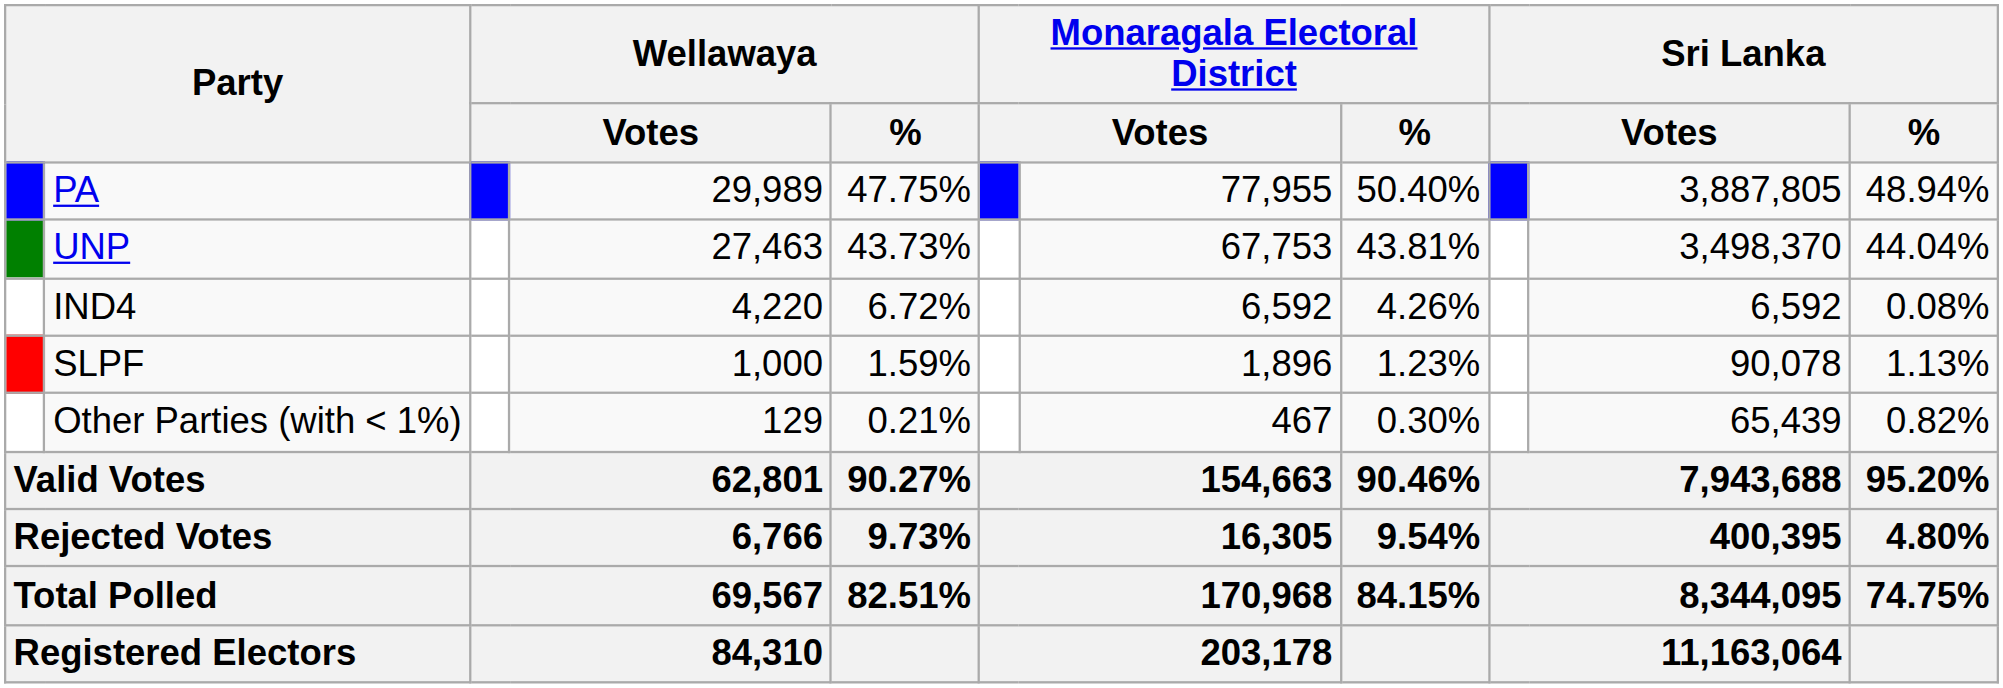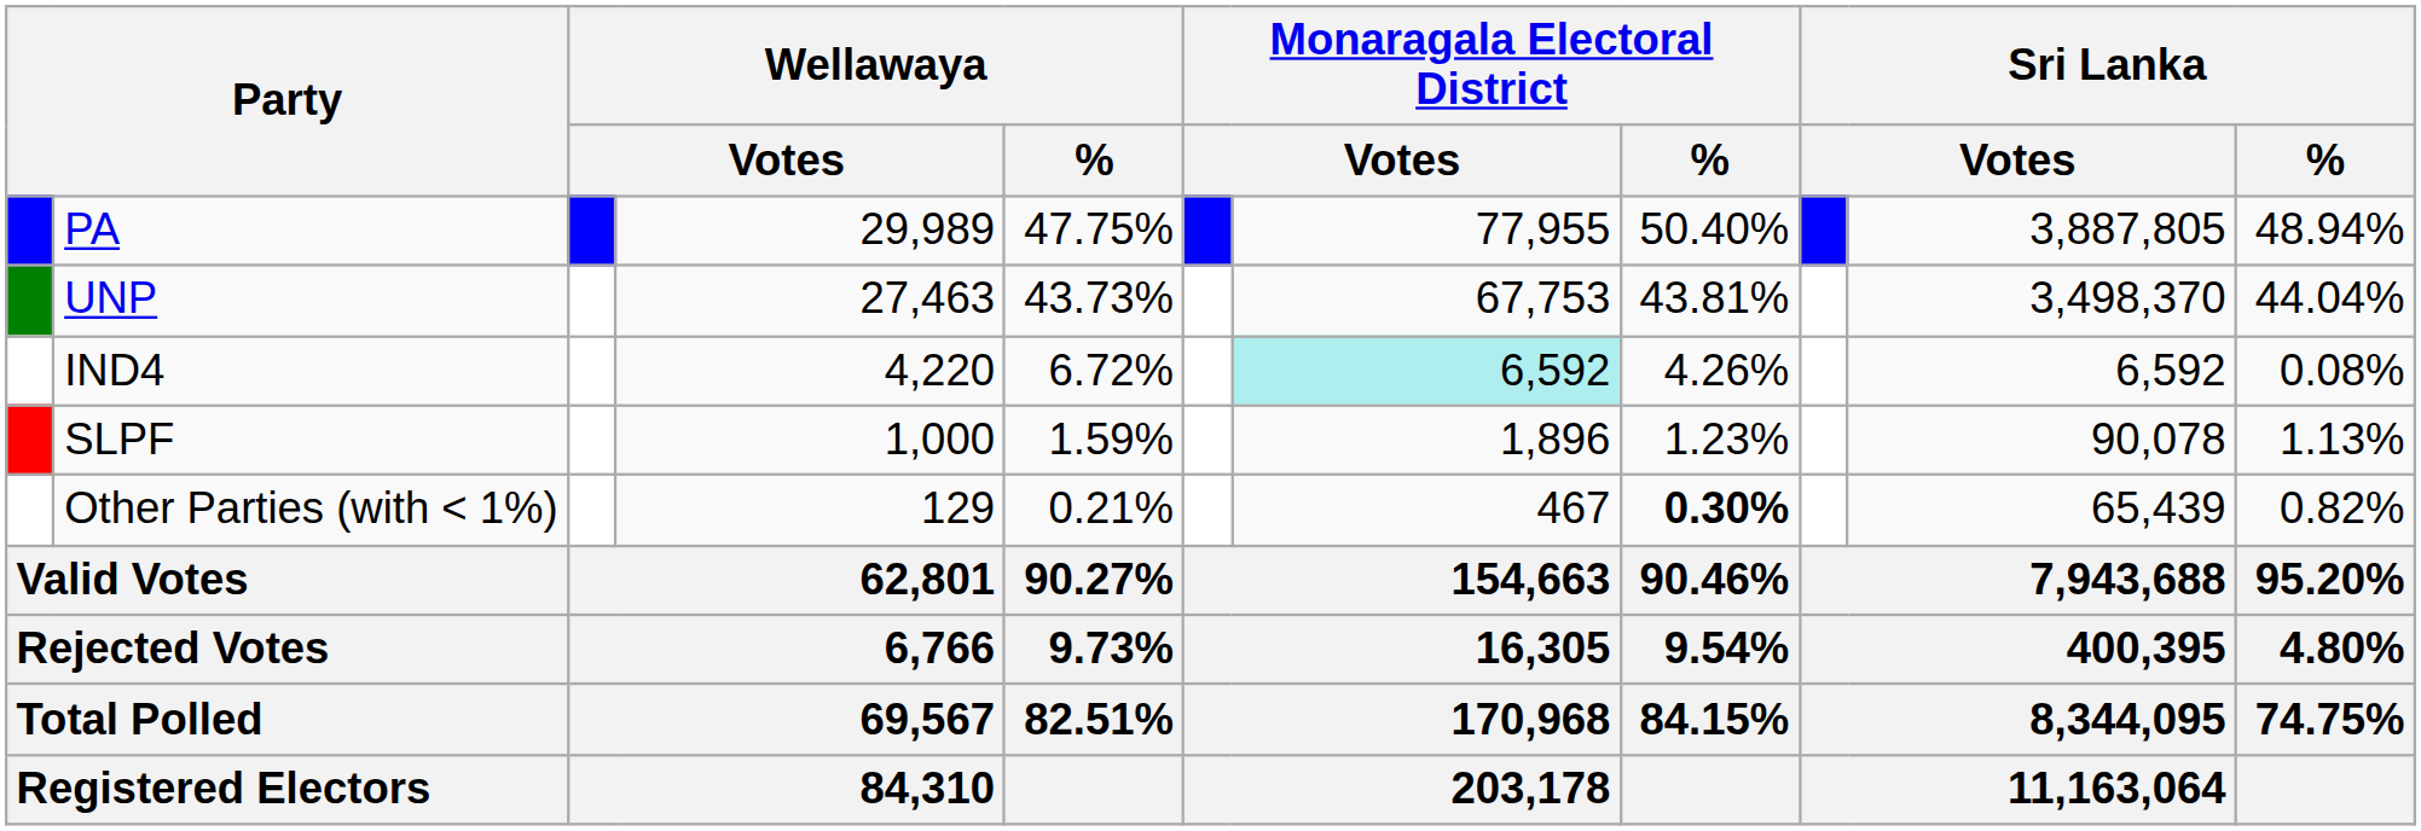 <table class="wikitable">
 <tr>
 <th colspan="2" width="144px"rowspan="2">Party</th>
 <th colspan="3" width="216px">Wellawaya</th>
 <th colspan="3" width="216px"><a href='#'>Monaragala Electoral District</a></th>
 <th colspan="3" width="216px">Sri Lanka</th>
 </tr>
 <tr>
 <th colspan="2" width="144px">Votes</th>
 <th>%</th>
 <th colspan="2" width="144px">Votes</th>
 <th>%</th>
 <th colspan="2" width="144px">Votes</th>
 <th>%</th>
 </tr>
 <tr>
 <td style="background-color:blue;" width="10px"></td>
 <td style="text-align:left;"><a href='#'>PA</a></td>
 <td style="background-color:blue;" width="10px"></td>
 <td style="text-align:right;">29,989</td>
 <td style="text-align:right;">47.75%</td>
 <td style="background-color:blue;" width="10px"></td>
 <td style="text-align:right;">77,955</td>
 <td style="text-align:right;">50.40%</td>
 <td style="background-color:blue;" width="10px"></td>
 <td style="text-align:right;">3,887,805</td>
 <td style="text-align:right;">48.94%</td>
 </tr>
 <tr>
 <td style="background-color:green;" width="10px"></td>
 <td style="text-align:left;"><a href='#'>UNP</a></td>
 <td style="background-color:white;" width="10px"></td>
 <td style="text-align:right;">27,463</td>
 <td style="text-align:right;">43.73%</td>
 <td style="background-color:white;" width="10px"></td>
 <td style="text-align:right;">67,753</td>
 <td style="text-align:right;">43.81%</td>
 <td style="background-color:white;" width="10px"></td>
 <td style="text-align:right;">3,498,370</td>
 <td style="text-align:right;">44.04%</td>
 </tr>
 <tr>
 <td style="background-color:white;" width="10px"></td>
 <td style="text-align:left;">IND4</td>
 <td style="background-color:white;" width="10px"></td>
 <td style="text-align:right;">4,220</td>
 <td style="text-align:right;">6.72%</td>
 <td style="background-color:white;" width="10px"></td>
-<td style="text-align:right;">6,592</td>
+<td style="background: paleturquoise; text-align:right;">6,592</td>
 <td style="text-align:right;">4.26%</td>
 <td style="background-color:white;" width="10px"></td>
 <td style="text-align:right;">6,592</td>
 <td style="text-align:right;">0.08%</td>
 </tr>
 <tr>
 <td style="background-color:red;" width="10px"></td>
 <td style="text-align:left;">SLPF</td>
 <td style="background-color:white;" width="10px"></td>
 <td style="text-align:right;">1,000</td>
 <td style="text-align:right;">1.59%</td>
 <td style="background-color:white;" width="10px"></td>
 <td style="text-align:right;">1,896</td>
 <td style="text-align:right;">1.23%</td>
 <td style="background-color:white;" width="10px"></td>
 <td style="text-align:right;">90,078</td>
 <td style="text-align:right;">1.13%</td>
 </tr>
 <tr>
 <td style="background-color:white;" width="10px"></td>
 <td style="text-align:left;">Other Parties (with < 1%)</td>
 <td style="background-color:white;" width="10px"></td>
 <td style="text-align:right;">129</td>
 <td style="text-align:right;">0.21%</td>
 <td style="background-color:white;" width="10px"></td>
 <td style="text-align:right;">467</td>
-<td style="text-align:right;">0.30%</td>
+<td style="text-align:right;"><strong>0.30%</strong></td>
 <td style="background-color:white;" width="10px"></td>
 <td style="text-align:right;">65,439</td>
 <td style="text-align:right;">0.82%</td>
 </tr>
 <tr>
 <th colspan="2" width="144px"style="text-align:left;">Valid Votes</th>
 <th style="text-align:right;"colspan="2" width="144px">62,801</th>
 <th style="text-align:right;">90.27%</th>
 <th style="text-align:right;"colspan="2" width="144px">154,663</th>
 <th style="text-align:right;">90.46%</th>
 <th style="text-align:right;"colspan="2" width="144px">7,943,688</th>
 <th style="text-align:right;">95.20%</th>
 </tr>
 <tr>
 <th colspan="2" width="144px"style="text-align:left;">Rejected Votes</th>
 <th style="text-align:right;"colspan="2" width="144px">6,766</th>
 <th style="text-align:right;">9.73%</th>
 <th style="text-align:right;"colspan="2" width="144px">16,305</th>
 <th style="text-align:right;">9.54%</th>
 <th style="text-align:right;"colspan="2" width="144px">400,395</th>
 <th style="text-align:right;">4.80%</th>
 </tr>
 <tr>
 <th colspan="2" width="144px"style="text-align:left;">Total Polled</th>
 <th style="text-align:right;"colspan="2" width="144px">69,567</th>
 <th style="text-align:right;">82.51%</th>
 <th style="text-align:right;"colspan="2" width="144px">170,968</th>
 <th style="text-align:right;">84.15%</th>
 <th style="text-align:right;"colspan="2" width="144px">8,344,095</th>
 <th style="text-align:right;">74.75%</th>
 </tr>
 <tr>
 <th colspan="2" width="144px"style="text-align:left;">Registered Electors</th>
 <th style="text-align:right;"colspan="2" width="144px">84,310</th>
 <th></th>
 <th style="text-align:right;"colspan="2" width="144px">203,178</th>
 <th></th>
 <th style="text-align:right;"colspan="2" width="144px">11,163,064</th>
 <th></th>
 </tr>
 </table>
